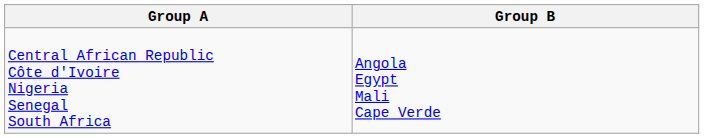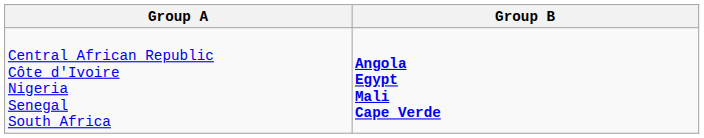 <table class="wikitable" width=50%>
 <tr>
 <th width=25%>Group A</th>
 <th width=25%>Group B</th>
 </tr>
 <tr>
 <td><br> <a href='#'>Central African Republic</a><br>  <a href='#'>Côte d'Ivoire</a><br>  <a href='#'>Nigeria</a><br>  <a href='#'>Senegal</a><br>  <a href='#'>South Africa</a><br></td>
-<td><br> <a href='#'>Angola</a><br>  <a href='#'>Egypt</a><br>  <a href='#'>Mali</a><br>  <a href='#'>Cape Verde</a><br></td>
+<td><strong><br> <a href='#'>Angola</a><br>  <a href='#'>Egypt</a><br>  <a href='#'>Mali</a><br>  <a href='#'>Cape Verde</a><br></strong></td>
 </tr>
 </table>
